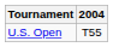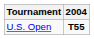 <table class="wikitable" style="font-size:95%;text-align:center;">
 <tr>
 <th>Tournament</th>
 <th>2004</th>
 </tr>
 <tr>
 <td align=left><a href='#'>U.S. Open</a></td>
-<td>T55</td>
+<td><strong>T55</strong></td>
 </tr>
 </table>
